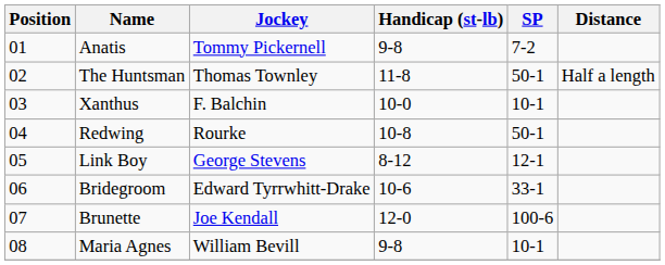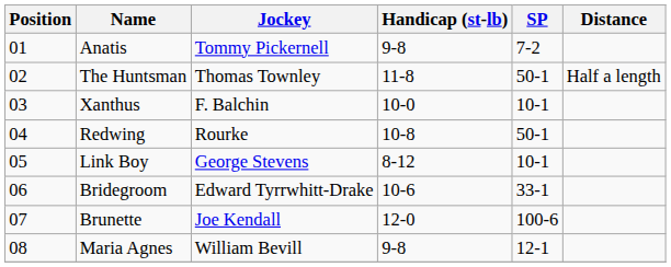 <table class="wikitable sortable">
 <tr>
 <th data-sort-type="number">Position</th>
 <th>Name</th>
 <th><a href='#'>Jockey</a></th>
 <th>Handicap (<a href='#'>st</a>-<a href='#'>lb</a>)</th>
 <th><a href='#'>SP</a></th>
 <th>Distance</th>
 </tr>
 <tr>
 <td>01</td>
 <td>Anatis</td>
 <td><a href='#'>Tommy Pickernell</a></td>
 <td>9-8</td>
 <td>7-2</td>
 <td></td>
 </tr>
 <tr>
 <td>02</td>
 <td>The Huntsman</td>
 <td>Thomas Townley</td>
 <td>11-8</td>
 <td>50-1</td>
 <td>Half a length</td>
 </tr>
 <tr>
 <td>03</td>
 <td>Xanthus</td>
 <td>F. Balchin</td>
 <td>10-0</td>
 <td>10-1</td>
 <td></td>
 </tr>
 <tr>
 <td>04</td>
 <td>Redwing</td>
 <td>Rourke</td>
 <td>10-8</td>
 <td>50-1</td>
 <td></td>
 </tr>
 <tr>
 <td>05</td>
 <td>Link Boy</td>
 <td><a href='#'>George Stevens</a></td>
 <td>8-12</td>
-<td>12-1</td>
+<td>10-1</td>
 <td></td>
 </tr>
 <tr>
 <td>06</td>
 <td>Bridegroom</td>
 <td>Edward Tyrrwhitt-Drake</td>
 <td>10-6</td>
 <td>33-1</td>
 <td></td>
 </tr>
 <tr>
 <td>07</td>
 <td>Brunette</td>
 <td><a href='#'>Joe Kendall</a></td>
 <td>12-0</td>
 <td>100-6</td>
 <td></td>
 </tr>
 <tr>
 <td>08</td>
 <td>Maria Agnes</td>
 <td>William Bevill</td>
 <td>9-8</td>
-<td>10-1</td>
+<td>12-1</td>
 <td></td>
 </tr>
 <tr>
 </tr>
 </table>
